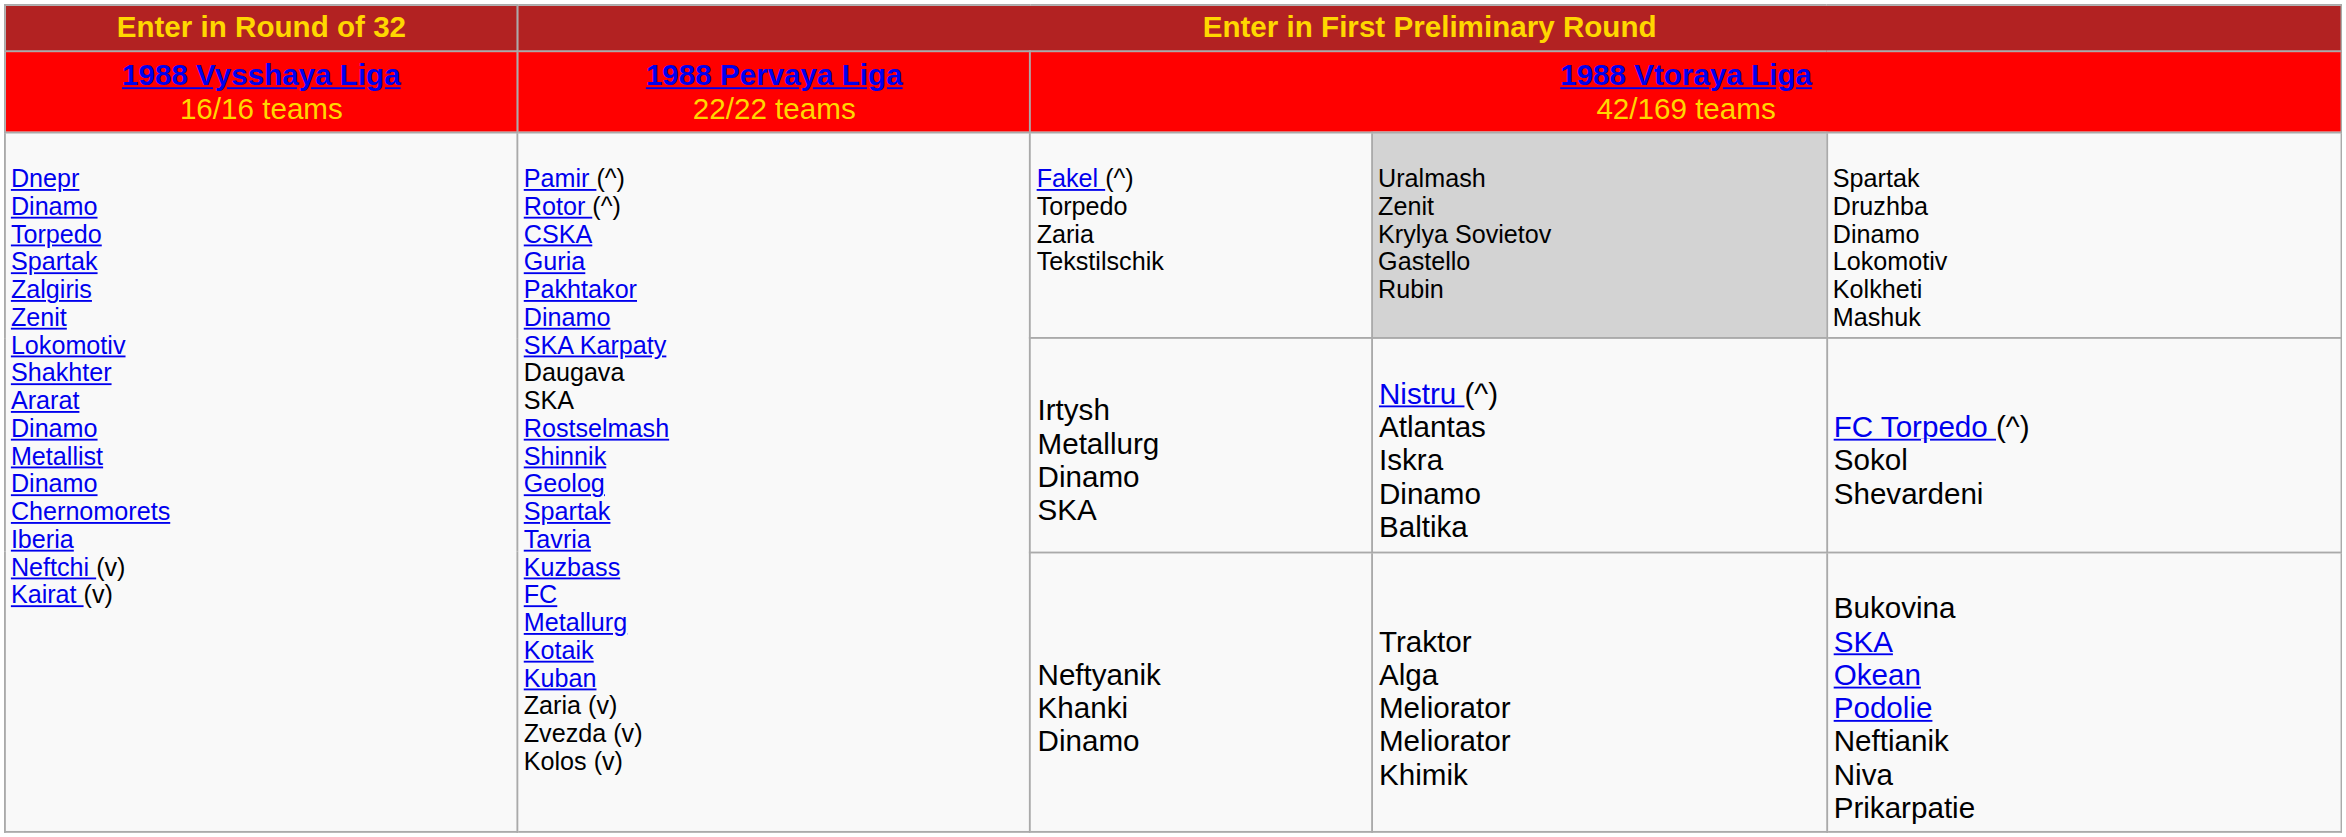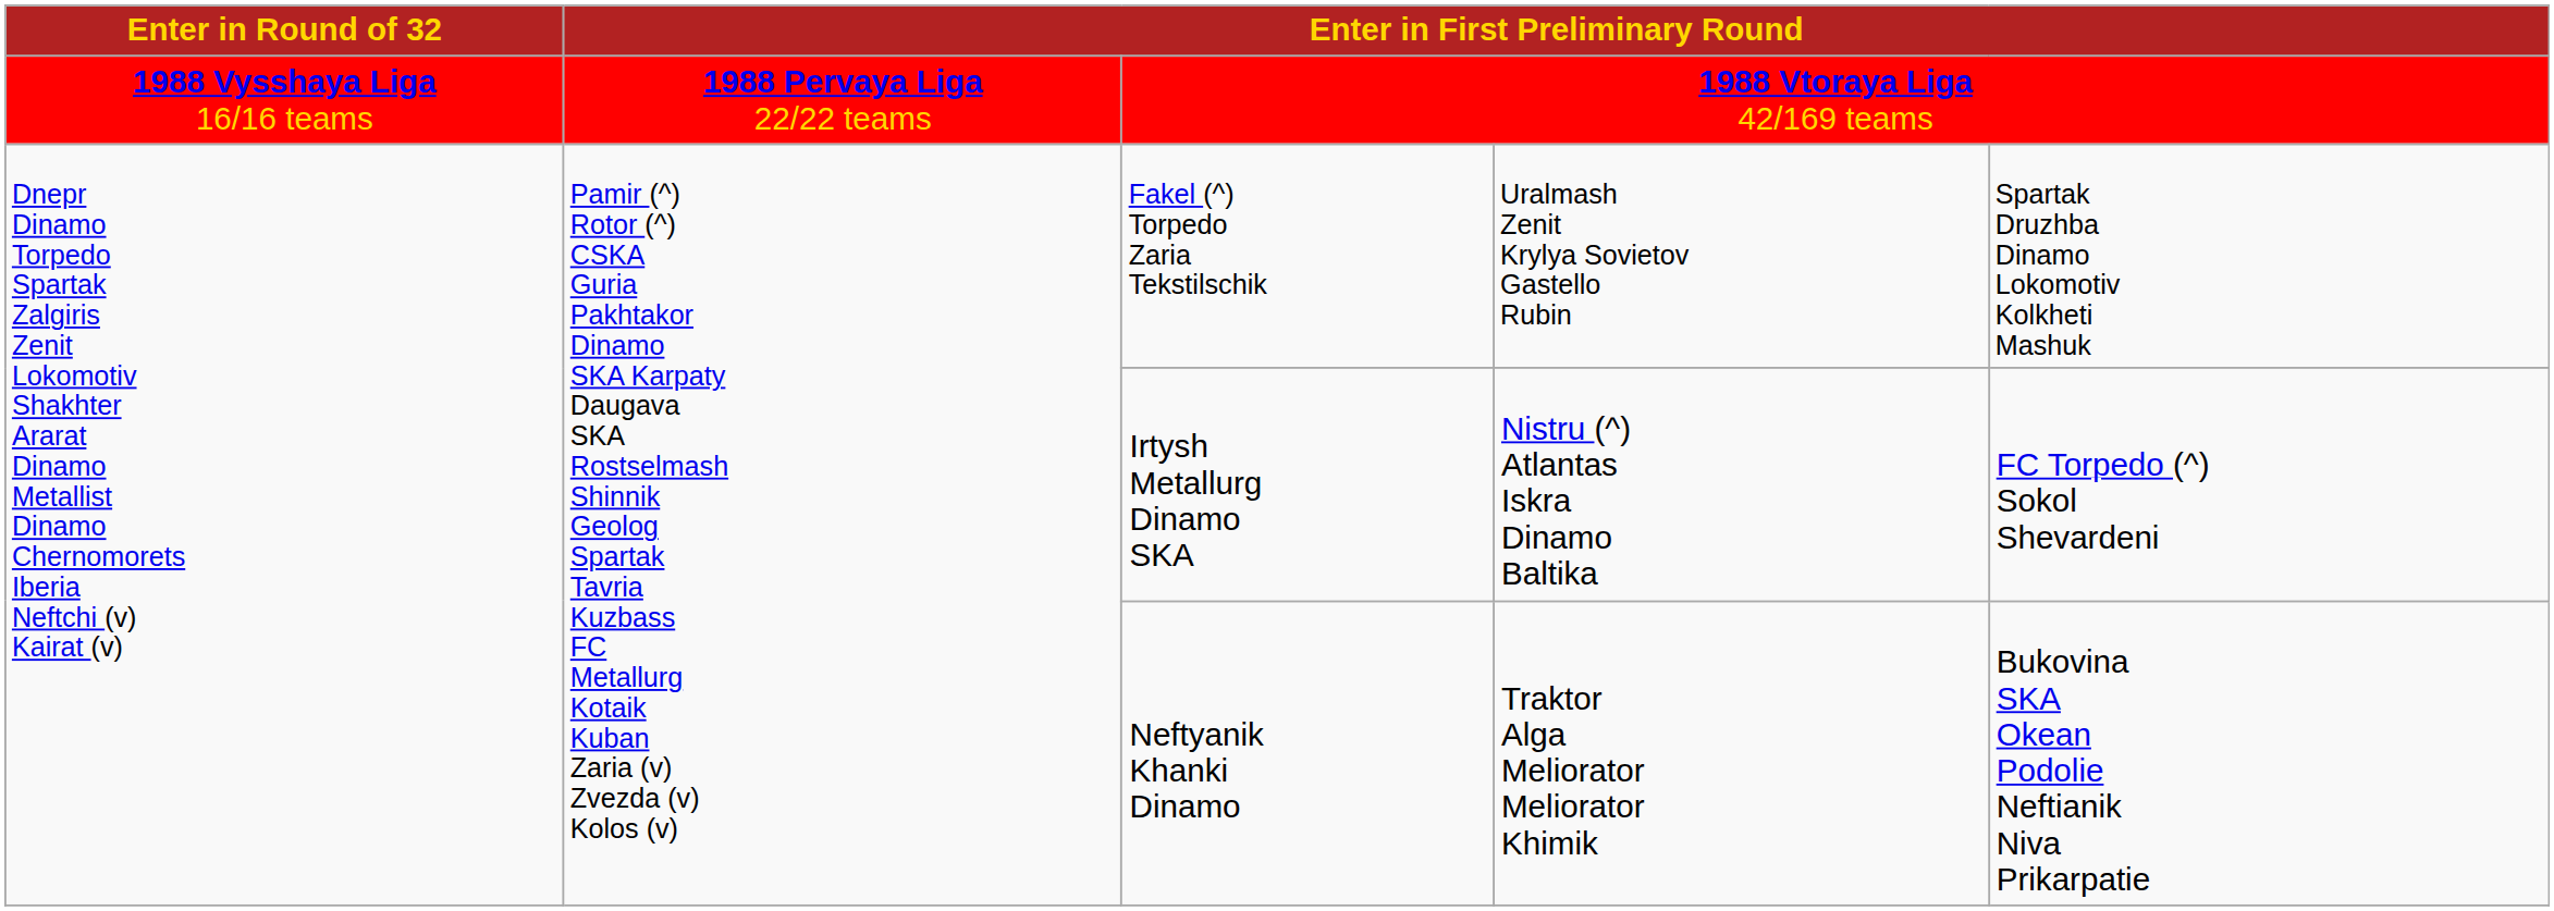 <table class="wikitable" style="width:100%;">
 <tr style="background:Firebrick; text-align:center;">
 <td style="width:18%; color:Gold" colspan="1"><strong>Enter in Round of 32</strong></td>
 <td style="width:82%; color:Gold" colspan="4"><strong>Enter in First Preliminary Round</strong></td>
 </tr>
 <tr style="background:Red;">
 <td style="text-align:center; width:18%; color:Gold"><strong><a href='#'><span>1988 Vysshaya Liga</span></a></strong><br>16/16 teams</td>
 <td style="text-align:center; width:18%; color:Gold"><strong><a href='#'><span>1988 Pervaya Liga</span></a></strong><br>22/22 teams</td>
 <td style="text-align:center; width:46%; color:Gold" colspan=3><strong><a href='#'><span>1988 Vtoraya Liga</span></a></strong><br>42/169 teams</td>
 </tr>
 <tr style="vertical-align:top; font-size:85%;">
 <td rowspan=3><br> <a href='#'>Dnepr </a><br>  <a href='#'>Dinamo </a><br>  <a href='#'>Torpedo </a><br>  <a href='#'>Spartak </a><br>  <a href='#'>Zalgiris </a><br>  <a href='#'>Zenit </a><br>  <a href='#'>Lokomotiv </a><br>  <a href='#'>Shakhter </a><br>  <a href='#'>Ararat </a><br>  <a href='#'>Dinamo </a><br>  <a href='#'>Metallist </a><br>  <a href='#'>Dinamo </a><br>  <a href='#'>Chernomorets </a><br>  <a href='#'>Iberia </a><br>  <a href='#'>Neftchi </a> (v)<br>  <a href='#'>Kairat </a> (v)</td>
 <td rowspan=3><br> <a href='#'>Pamir </a> (^)<br>  <a href='#'>Rotor </a> (^)<br>  <a href='#'>CSKA </a><br>  <a href='#'>Guria </a><br>  <a href='#'>Pakhtakor </a><br>  <a href='#'>Dinamo </a><br>  <a href='#'>SKA Karpaty </a><br>  Daugava <br>  SKA <br>  <a href='#'>Rostselmash </a><br>  <a href='#'>Shinnik </a><br>  <a href='#'>Geolog </a><br>  <a href='#'>Spartak </a><br>  <a href='#'>Tavria </a><br>  <a href='#'>Kuzbass </a><br>  <a href='#'>FC </a><br>  <a href='#'>Metallurg </a><br>  <a href='#'>Kotaik </a><br>  <a href='#'>Kuban </a><br>  Zaria  (v)<br>  Zvezda  (v)<br>  Kolos  (v)<br></td>
 <td><br> <a href='#'>Fakel </a> (^)<br>  Torpedo <br>  Zaria <br>  Tekstilschik <br></td>
-<td style="background: lightgrey;"><br> Uralmash <br>  Zenit <br>  Krylya Sovietov <br>  Gastello <br>  Rubin <br></td>
+<td><br> Uralmash <br>  Zenit <br>  Krylya Sovietov <br>  Gastello <br>  Rubin <br></td>
 <td><br> Spartak <br>  Druzhba <br>  Dinamo <br>  Lokomotiv <br>  Kolkheti <br>  Mashuk <br></td>
 </tr>
 <tr>
 <td><br> Irtysh <br>  Metallurg <br>  Dinamo <br>  SKA <br></td>
 <td><br> <a href='#'>Nistru </a> (^)<br>  Atlantas <br>  Iskra <br>  Dinamo <br>  Baltika <br></td>
 <td><br> <a href='#'>FC Torpedo </a> (^)<br>  Sokol <br>  Shevardeni <br></td>
 </tr>
 <tr>
 <td><br> Neftyanik <br>  Khanki <br>  Dinamo <br></td>
 <td><br> Traktor <br>  Alga <br>  Meliorator <br>  Meliorator <br>  Khimik <br></td>
 <td><br> Bukovina <br>  <a href='#'>SKA </a><br>  <a href='#'>Okean </a><br>  <a href='#'>Podolie </a><br>  Neftianik <br>  Niva <br>  Prikarpatie <br></td>
 </tr>
 </table>
